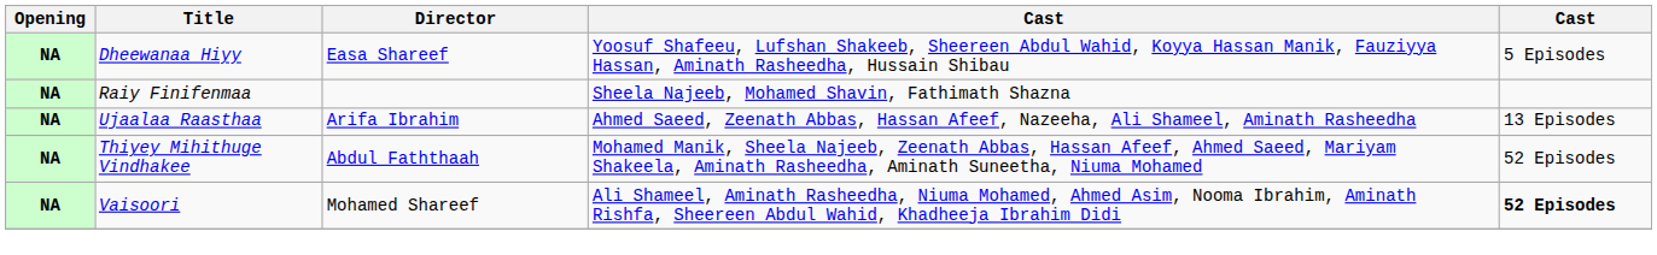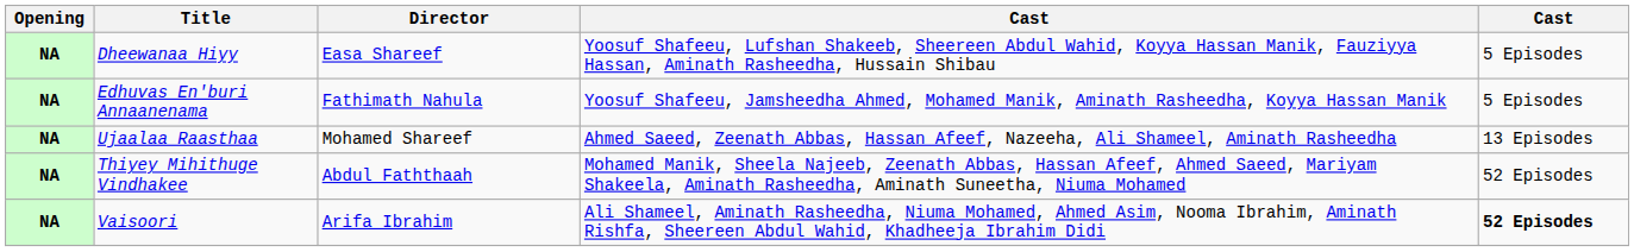 <table class="wikitable plainrowheaders" width="100%">
 <tr>
 <th scope="col" width="4%">Opening</th>
 <th scope="col" width=12%>Title</th>
 <th scope="col" width=14%>Director</th>
 <th scope="col" width=48%>Cast</th>
 <th scope="col" width=8%>Cast</th>
 </tr>
 <tr>
 <td style="text-align:center; textcolor:#000; background:#cdfecd;"><strong>NA</strong></td>
 <td><em><a href='#'>Dheewanaa Hiyy</a></em></td>
 <td><a href='#'>Easa Shareef</a></td>
 <td><a href='#'>Yoosuf Shafeeu</a>, <a href='#'>Lufshan Shakeeb</a>, <a href='#'>Sheereen Abdul Wahid</a>, <a href='#'>Koyya Hassan Manik</a>, <a href='#'>Fauziyya Hassan</a>, <a href='#'>Aminath Rasheedha</a>, Hussain Shibau</td>
 <td>5 Episodes</td>
 </tr>
 <tr>
 <td style="text-align:center; textcolor:#000; background:#cdfecd;"><strong>NA</strong></td>
-<td><em>Raiy Finifenmaa</em></td>
-<td></td>
-<td><a href='#'>Sheela Najeeb</a>, <a href='#'>Mohamed Shavin</a>, Fathimath Shazna</td>
-<td></td>
+<td><em><a href='#'>Edhuvas En'buri Annaanenama</a></em></td>
+<td><a href='#'>Fathimath Nahula</a></td>
+<td><a href='#'>Yoosuf Shafeeu</a>, <a href='#'>Jamsheedha Ahmed</a>, <a href='#'>Mohamed Manik</a>, <a href='#'>Aminath Rasheedha</a>, <a href='#'>Koyya Hassan Manik</a></td>
+<td>5 Episodes</td>
 </tr>
 <tr>
 <td style="text-align:center; textcolor:#000; background:#cdfecd;"><strong>NA</strong></td>
 <td><em><a href='#'>Ujaalaa Raasthaa</a></em></td>
-<td><a href='#'>Arifa Ibrahim</a></td>
+<td>Mohamed Shareef</td>
 <td><a href='#'>Ahmed Saeed</a>, <a href='#'>Zeenath Abbas</a>, <a href='#'>Hassan Afeef</a>, Nazeeha, <a href='#'>Ali Shameel</a>, <a href='#'>Aminath Rasheedha</a></td>
 <td>13 Episodes</td>
 </tr>
 <tr>
 <td style="text-align:center; textcolor:#000; background:#cdfecd;"><strong>NA</strong></td>
 <td><em><a href='#'>Thiyey Mihithuge Vindhakee</a></em></td>
 <td><a href='#'>Abdul Faththaah</a></td>
 <td><a href='#'>Mohamed Manik</a>, <a href='#'>Sheela Najeeb</a>, <a href='#'>Zeenath Abbas</a>, <a href='#'>Hassan Afeef</a>, <a href='#'>Ahmed Saeed</a>, <a href='#'>Mariyam Shakeela</a>, <a href='#'>Aminath Rasheedha</a>, Aminath Suneetha, <a href='#'>Niuma Mohamed</a></td>
 <td>52 Episodes</td>
 </tr>
 <tr>
 <td style="text-align:center; textcolor:#000; background:#cdfecd;"><strong>NA</strong></td>
 <td><em><a href='#'>Vaisoori</a></em></td>
-<td>Mohamed Shareef</td>
+<td><a href='#'>Arifa Ibrahim</a></td>
 <td><a href='#'>Ali Shameel</a>, <a href='#'>Aminath Rasheedha</a>, <a href='#'>Niuma Mohamed</a>, <a href='#'>Ahmed Asim</a>, Nooma Ibrahim, <a href='#'>Aminath Rishfa</a>, <a href='#'>Sheereen Abdul Wahid</a>, <a href='#'>Khadheeja Ibrahim Didi</a></td>
 <td><strong>52 Episodes</strong></td>
 </tr>
 <tr>
 </tr>
 </table>
